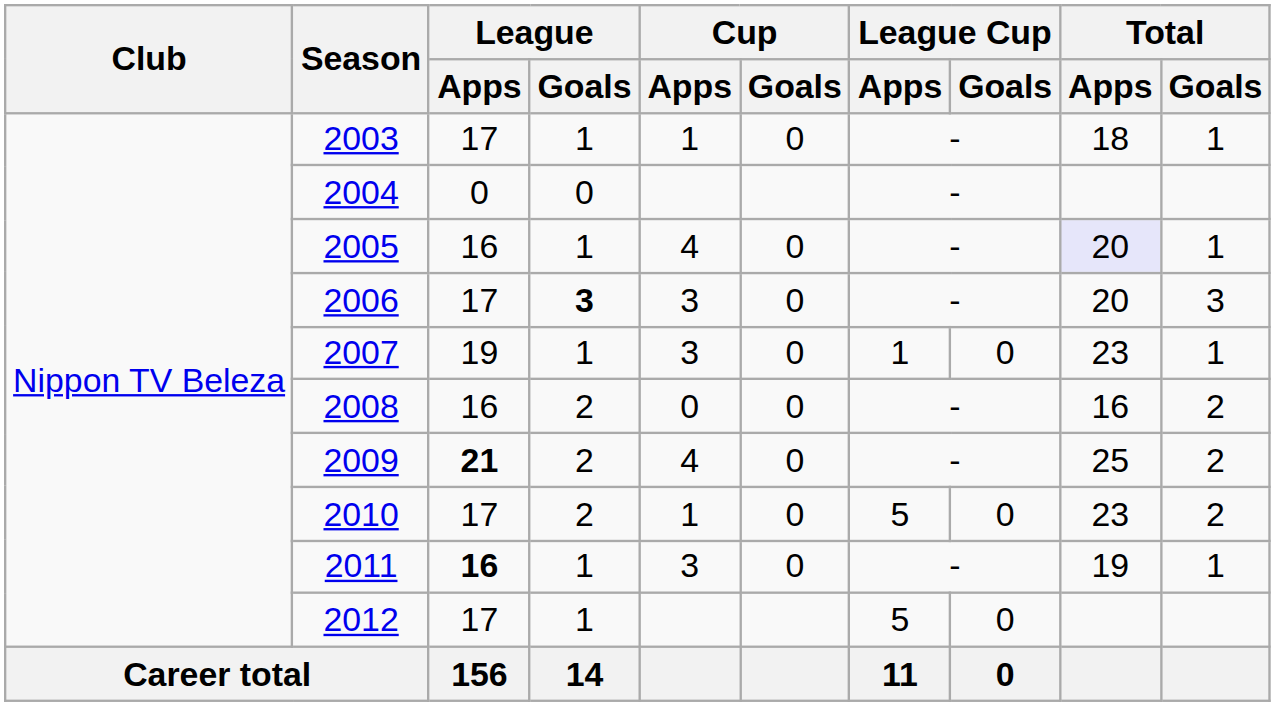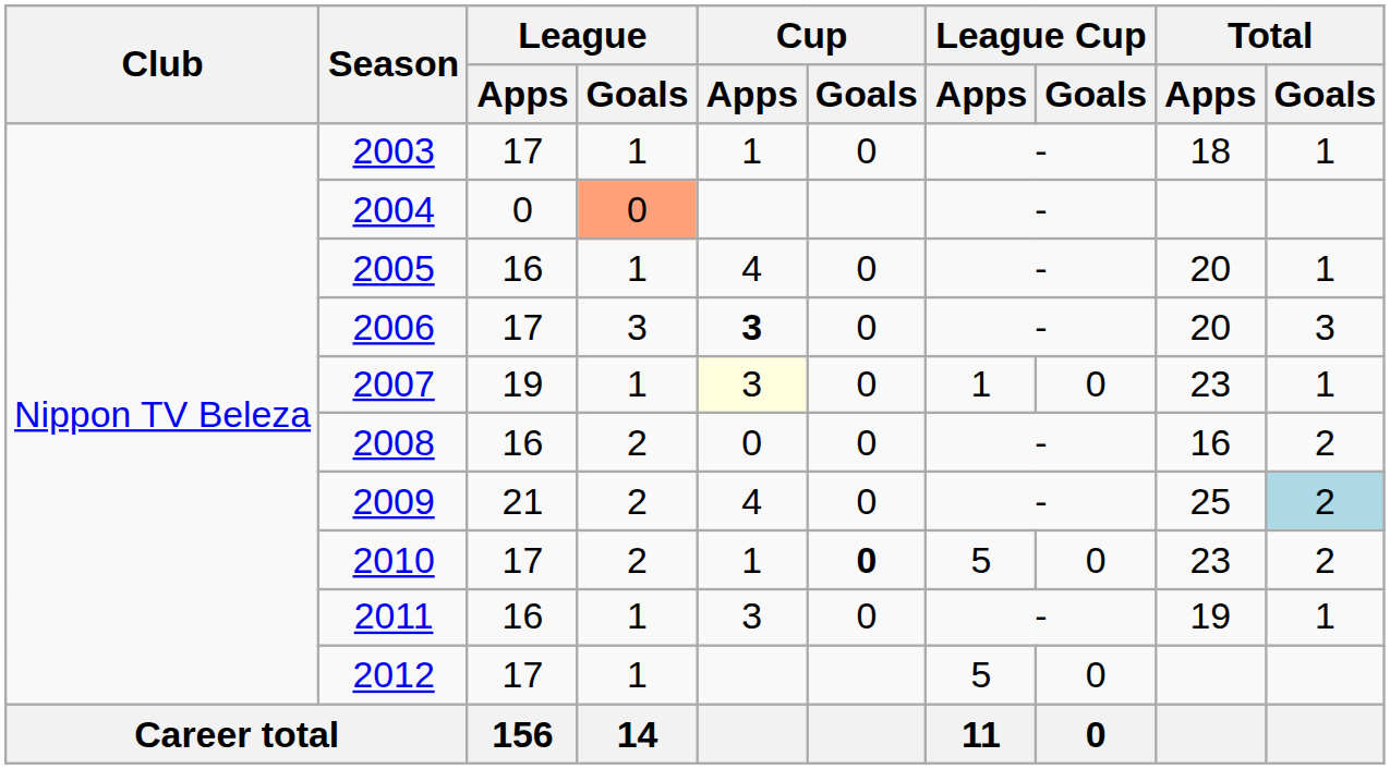 <table class="wikitable" style="font-size:90%; text-align:center;">
 <tr>
 <th rowspan="2">Club</th>
 <th rowspan="2">Season</th>
 <th colspan="2">League</th>
 <th colspan="2">Cup</th>
 <th colspan="2">League Cup</th>
 <th colspan="2">Total</th>
 </tr>
 <tr>
 <th>Apps</th>
 <th>Goals</th>
 <th>Apps</th>
 <th>Goals</th>
 <th>Apps</th>
 <th>Goals</th>
 <th>Apps</th>
 <th>Goals</th>
 </tr>
 <tr>
 <td rowspan="10"><a href='#'>Nippon TV Beleza</a></td>
 <td><a href='#'>2003</a></td>
 <td>17</td>
 <td>1</td>
 <td>1</td>
 <td>0</td>
 <td colspan="2">-</td>
 <td>18</td>
 <td>1</td>
 </tr>
 <tr>
 <td><a href='#'>2004</a></td>
 <td>0</td>
-<td>0</td>
+<td style="background: lightsalmon;">0</td>
 <td></td>
 <td></td>
 <td colspan="2">-</td>
 <td></td>
 <td></td>
 </tr>
 <tr>
 <td><a href='#'>2005</a></td>
 <td>16</td>
 <td>1</td>
 <td>4</td>
 <td>0</td>
 <td colspan="2">-</td>
-<td style="background: lavender;">20</td>
+<td>20</td>
 <td>1</td>
 </tr>
 <tr>
 <td><a href='#'>2006</a></td>
 <td>17</td>
+<td>3</td>
 <td><strong>3</strong></td>
-<td>3</td>
 <td>0</td>
 <td colspan="2">-</td>
 <td>20</td>
 <td>3</td>
 </tr>
 <tr>
 <td><a href='#'>2007</a></td>
 <td>19</td>
 <td>1</td>
-<td>3</td>
+<td style="background: lightyellow;">3</td>
 <td>0</td>
 <td>1</td>
 <td>0</td>
 <td>23</td>
 <td>1</td>
 </tr>
 <tr>
 <td><a href='#'>2008</a></td>
 <td>16</td>
 <td>2</td>
 <td>0</td>
 <td>0</td>
 <td colspan="2">-</td>
 <td>16</td>
 <td>2</td>
 </tr>
 <tr>
 <td><a href='#'>2009</a></td>
-<td><strong>21</strong></td>
+<td>21</td>
 <td>2</td>
 <td>4</td>
 <td>0</td>
 <td colspan="2">-</td>
 <td>25</td>
-<td>2</td>
+<td style="background: lightblue;">2</td>
 </tr>
 <tr>
 <td><a href='#'>2010</a></td>
 <td>17</td>
 <td>2</td>
 <td>1</td>
-<td>0</td>
+<td><strong>0</strong></td>
 <td>5</td>
 <td>0</td>
 <td>23</td>
 <td>2</td>
 </tr>
 <tr>
 <td><a href='#'>2011</a></td>
-<td><strong>16</strong></td>
+<td>16</td>
 <td>1</td>
 <td>3</td>
 <td>0</td>
 <td colspan="2">-</td>
 <td>19</td>
 <td>1</td>
 </tr>
 <tr>
 <td><a href='#'>2012</a></td>
 <td>17</td>
 <td>1</td>
 <td></td>
 <td></td>
 <td>5</td>
 <td>0</td>
 <td></td>
 <td></td>
 </tr>
 <tr>
 <th colspan="2">Career total</th>
 <th>156</th>
 <th>14</th>
 <th></th>
 <th></th>
 <th>11</th>
 <th>0</th>
 <th></th>
 <th></th>
 </tr>
 </table>
